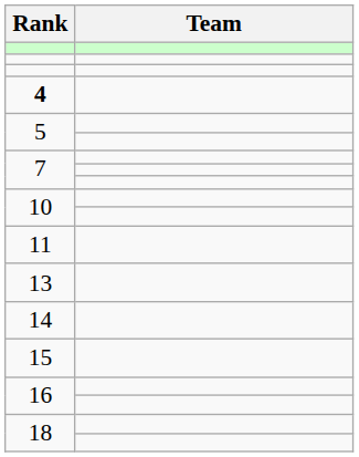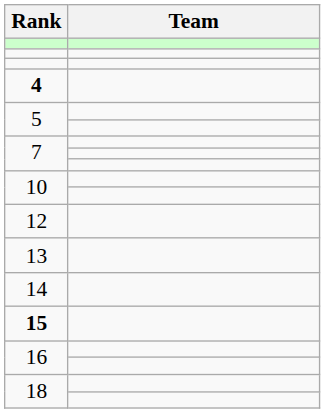 <table class="wikitable" style="text-align:center">
 <tr>
 <th width=40>Rank</th>
 <th width=180>Team</th>
 </tr>
 <tr bgcolor=#ccffcc>
 <td></td>
 <td style="text-align:left"></td>
 </tr>
 <tr>
 <td></td>
 <td style="text-align:left"></td>
 </tr>
 <tr>
 <td></td>
 <td style="text-align:left"></td>
 </tr>
 <tr>
 <td><strong>4</strong></td>
 <td style="text-align:left"></td>
 </tr>
 <tr>
 <td rowspan=2>5</td>
 <td style="text-align:left"></td>
 </tr>
 <tr>
 <td style="text-align:left"></td>
 </tr>
 <tr>
 <td rowspan=3>7</td>
 <td style="text-align:left"></td>
 </tr>
 <tr>
 <td style="text-align:left"></td>
 </tr>
 <tr>
 <td style="text-align:left"></td>
 </tr>
 <tr>
 <td rowspan=2>10</td>
 <td style="text-align:left"></td>
 </tr>
 <tr>
 <td style="text-align:left"></td>
 </tr>
 <tr>
-<td>11</td>
+<td>12</td>
 <td style="text-align:left"></td>
 </tr>
 <tr>
 <td>13</td>
 <td style="text-align:left"></td>
 </tr>
 <tr>
 <td>14</td>
 <td style="text-align:left"></td>
 </tr>
 <tr>
-<td>15</td>
+<td><strong>15</strong></td>
 <td style="text-align:left"></td>
 </tr>
 <tr>
 <td rowspan=2>16</td>
 <td style="text-align:left"></td>
 </tr>
 <tr>
 <td style="text-align:left"></td>
 </tr>
 <tr>
 <td rowspan=2>18</td>
 <td style="text-align:left"></td>
 </tr>
 <tr>
 <td style="text-align:left"></td>
 </tr>
 </table>
